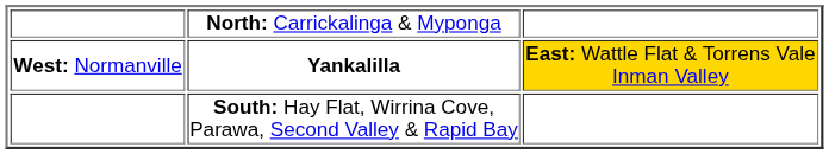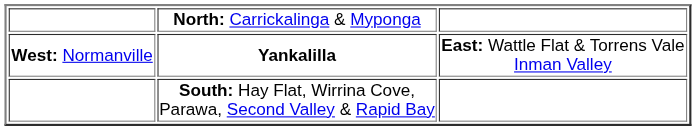 <table border = 2 align="center">
 <tr>
 <td align="center"></td>
 <td align="center"><strong>North:</strong> <a href='#'>Carrickalinga</a> & <a href='#'>Myponga</a></td>
 <td align="center"></td>
 </tr>
 <tr>
 <td align="center"><strong>West:</strong> <a href='#'>Normanville</a></td>
 <td align="center"><strong>Yankalilla</strong></td>
-<td align="center" style="background: gold;"><strong>East:</strong> Wattle Flat & Torrens Vale <br><a href='#'>Inman Valley</a></td>
+<td align="center"><strong>East:</strong> Wattle Flat & Torrens Vale <br><a href='#'>Inman Valley</a></td>
 </tr>
 <tr>
 <td align="center"></td>
 <td align="center"><strong>South:</strong> Hay Flat, Wirrina Cove,<br>Parawa, <a href='#'>Second Valley</a> & <a href='#'>Rapid Bay</a></td>
 <td align="center"></td>
 </tr>
 </table>
